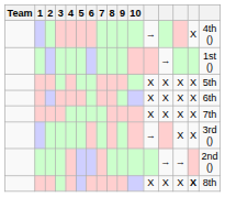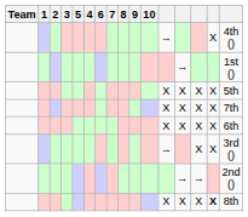 <table class="wikitable" style="font-size:85%; text-align:center;">
 <tr>
 <th>Team</th>
 <th>1</th>
 <th>2</th>
 <th>3</th>
+<th>5</th>
 <th>4</th>
-<th>5</th>
 <th>6</th>
 <th>7</th>
 <th>8</th>
 <th>9</th>
 <th>10</th>
 <th></th>
 <th></th>
 <th></th>
 <th></th>
 <th></th>
 </tr>
 <tr>
 <td style="text-align:left"></td>
 <td style="background:#cfcfff;"><em></em></td>
 <td style="background:#cfc;"><strong></strong></td>
 <td style="background:#ffcfcf;"></td>
 <td style="background:#ffcfcf;"></td>
 <td style="background:#ffcfcf;"></td>
 <td style="background:#ffcfcf;"></td>
 <td style="background:#cfc;"><strong></strong></td>
 <td style="background:#cfc;"><strong></strong></td>
 <td style="background:#cfc;"><strong></strong></td>
 <td style="background:#cfc;"><strong></strong></td>
 <td>→</td>
 <td style="background:#cfc;"><strong></strong></td>
 <td style="background:#ffcfcf;"></td>
 <td>X</td>
 <td>4th<br>()</td>
 </tr>
 <tr>
 <td style="text-align:left"></td>
 <td style="background:#cfc;"><strong></strong></td>
 <td style="background:#cfcfff;"><em></em></td>
 <td style="background:#cfc;"><strong></strong></td>
 <td style="background:#cfc;"><strong></strong></td>
 <td style="background:#cfc;"><strong></strong></td>
 <td style="background:#cfcfff;"><em></em></td>
 <td style="background:#cfc;"><strong></strong></td>
 <td style="background:#cfc;"><strong></strong></td>
 <td style="background:#cfc;"><strong></strong></td>
 <td style="background:#ffcfcf;"></td>
 <td style="background:#ffcfcf;"></td>
 <td>→</td>
 <td style="background:#cfc;"><strong></strong></td>
 <td style="background:#cfc;"><strong></strong></td>
 <td>1st<br>()</td>
 </tr>
 <tr>
 <td style="text-align:left"></td>
 <td style="background:#ffcfcf;"></td>
 <td style="background:#ffcfcf;"></td>
 <td style="background:#cfc;"><strong></strong></td>
+<td style="background:#cfc;"><strong></strong></td>
 <td style="background:#ffcfcf;"></td>
-<td style="background:#cfc;"><strong></strong></td>
 <td style="background:#cfc;"><strong></strong></td>
 <td style="background:#ffcfcf;"></td>
 <td style="background:#ffcfcf;"></td>
 <td style="background:#ffcfcf;"></td>
 <td style="background:#cfc;"><strong></strong></td>
 <td>X</td>
 <td>X</td>
 <td>X</td>
 <td>X</td>
 <td>5th</td>
 </tr>
 <tr>
 <td style="text-align:left"></td>
 <td style="background:#ffcfcf;"></td>
 <td style="background:#cfcfff;"><em></em></td>
 <td style="background:#ffcfcf;"></td>
 <td style="background:#ffcfcf;"></td>
 <td style="background:#ffcfcf;"></td>
 <td style="background:#cfc;"><strong></strong></td>
 <td style="background:#ffcfcf;"></td>
 <td style="background:#ffcfcf;"></td>
 <td style="background:#cfc;"><strong></strong></td>
 <td style="background:#cfcfff;"><em></em></td>
 <td>X</td>
 <td>X</td>
 <td>X</td>
 <td>X</td>
-<td>6th</td>
+<td>7th</td>
 </tr>
 <tr>
 <td style="text-align:left"></td>
 <td style="background:#ffcfcf;"></td>
 <td style="background:#ffcfcf;"></td>
 <td style="background:#ffcfcf;"></td>
 <td style="background:#cfc;"><strong></strong></td>
 <td style="background:#cfc;"><strong></strong></td>
 <td style="background:#cfc;"><strong></strong></td>
 <td style="background:#cfc;"><strong></strong></td>
 <td style="background:#ffcfcf;"></td>
 <td style="background:#ffcfcf;"></td>
 <td style="background:#ffcfcf;"></td>
 <td>X</td>
 <td>X</td>
 <td>X</td>
 <td>X</td>
-<td>7th</td>
+<td>6th</td>
 </tr>
 <tr>
 <td style="text-align:left"></td>
 <td style="background:#cfcfff;"><em></em></td>
 <td style="background:#cfc;"><strong></strong></td>
 <td style="background:#cfc;"><strong></strong></td>
 <td style="background:#cfc;"><strong></strong></td>
 <td style="background:#cfc;"><strong></strong></td>
 <td style="background:#ffcfcf;"></td>
 <td style="background:#cfc;"><strong></strong></td>
 <td style="background:#ffcfcf;"></td>
 <td style="background:#cfc;"><strong></strong></td>
 <td style="background:#ffcfcf;"></td>
 <td>→</td>
 <td style="background:#ffcfcf;"></td>
 <td>X</td>
 <td>X</td>
 <td>3rd<br>()</td>
 </tr>
 <tr>
 <td style="text-align:left"></td>
 <td style="background:#cfc;"><strong></strong></td>
 <td style="background:#cfc;"><strong></strong></td>
 <td style="background:#cfc;"><strong></strong></td>
+<td style="background:#cfcfff;"><em></em></td>
 <td style="background:#ffcfcf;"></td>
-<td style="background:#cfcfff;"><em></em></td>
 <td style="background:#cfcfff;"><em></em></td>
 <td style="background:#ffcfcf;"></td>
 <td style="background:#cfc;"><strong></strong></td>
 <td style="background:#cfc;"><strong></strong></td>
 <td style="background:#cfc;"><strong></strong></td>
 <td style="background:#cfc;"><strong></strong></td>
 <td>→</td>
 <td>→</td>
 <td style="background:#ffcfcf;"></td>
 <td>2nd<br>()</td>
 </tr>
 <tr>
 <td style="text-align:left"></td>
 <td style="background:#ffcfcf;"></td>
 <td style="background:#ffcfcf;"></td>
 <td style="background:#cfc;"><strong></strong></td>
+<td style="background:#cfcfff;"><em></em></td>
 <td style="background:#ffcfcf;"></td>
-<td style="background:#cfcfff;"><em></em></td>
 <td style="background:#ffcfcf;"></td>
 <td style="background:#ffcfcf;"></td>
 <td style="background:#ffcfcf;"></td>
 <td style="background:#ffcfcf;"></td>
 <td style="background:#cfcfff;"><em></em></td>
 <td>X</td>
 <td>X</td>
 <td>X</td>
 <td><strong>X</strong></td>
 <td>8th</td>
 </tr>
 </table>
